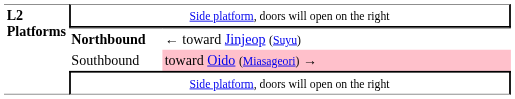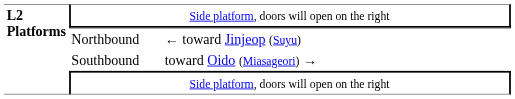 <table table border=0 cellspacing=0 cellpadding=3>
 <tr>
 <td style="border-top:solid 1px gray;border-bottom:solid 1px gray;" width=50 rowspan=10 valign=top><strong>L2<br>Platforms</strong></td>
 <td style="border-top:solid 1px gray;border-right:solid 2px black;border-left:solid 2px black;border-bottom:solid 2px black;text-align:center;" colspan=2><small><a href='#'>Side platform</a>, doors will open on the right</small></td>
 </tr>
 <tr>
-<td style="border-bottom:solid 0px gray;border-top:solid 1px gray;" width=100><strong>Northbound</strong></td>
+<td style="border-bottom:solid 0px gray;border-top:solid 1px gray;" width=100>Northbound</td>
 <td style="border-bottom:solid 0px gray;border-top:solid 1px gray;" width=390>←  toward <a href='#'>Jinjeop</a> <small>(<a href='#'>Suyu</a>)</small></td>
 </tr>
 <tr>
 <td>Southbound</td>
-<td style="background: pink;">  toward <a href='#'>Oido</a> <small>(<a href='#'>Miasageori</a>)</small> →</td>
+<td>  toward <a href='#'>Oido</a> <small>(<a href='#'>Miasageori</a>)</small> →</td>
 </tr>
 <tr>
 <td style="border-top:solid 2px black;border-right:solid 2px black;border-left:solid 2px black;border-bottom:solid 1px gray;text-align:center;" colspan=2><small><a href='#'>Side platform</a>, doors will open on the right</small></td>
 </tr>
 </table>
